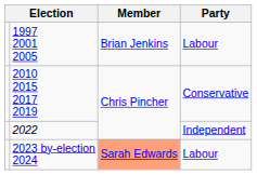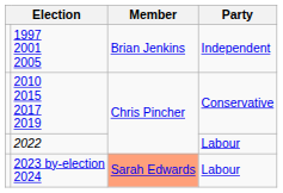 <table class="wikitable">
 <tr>
 <th colspan="2">Election</th>
 <th>Member</th>
 <th>Party</th>
 </tr>
 <tr>
 <td style="color:inherit;background-color: "></td>
 <td><a href='#'>1997</a><br><a href='#'>2001</a><br><a href='#'>2005</a></td>
 <td><a href='#'>Brian Jenkins</a></td>
-<td><a href='#'>Labour</a></td>
+<td><a href='#'>Independent</a></td>
 </tr>
 <tr>
 <td style="color:inherit;background-color: "></td>
 <td><a href='#'>2010</a><br><a href='#'>2015</a><br><a href='#'>2017</a><br><a href='#'>2019</a></td>
 <td rowspan=2><a href='#'>Chris Pincher</a></td>
 <td><a href='#'>Conservative</a></td>
 </tr>
 <tr>
 <td style="color:inherit;background-color: "></td>
 <td><em>2022</em></td>
-<td><a href='#'>Independent</a></td>
+<td><a href='#'>Labour</a></td>
 </tr>
 <tr>
 <td style="color:inherit;background-color: "></td>
 <td><a href='#'>2023 by-election</a><br><a href='#'>2024</a></td>
 <td style="background: lightsalmon;"><a href='#'>Sarah Edwards</a></td>
 <td><a href='#'>Labour</a></td>
 </tr>
 </table>
